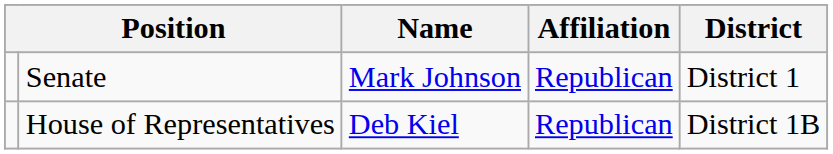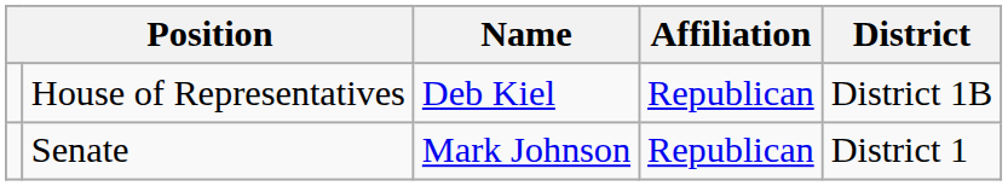 <table class="wikitable">
 <tr>
 <th colspan="2">Position</th>
 <th>Name</th>
 <th>Affiliation</th>
 <th>District</th>
 </tr>
 <tr>
 <td style="background-color:"></td>
+<td>House of Representatives</td>
+<td><a href='#'>Deb Kiel</a></td>
+<td><a href='#'>Republican</a></td>
+<td>District 1B</td>
+</tr>
+<tr>
+<td style="background-color:"></td>
 <td>Senate</td>
 <td><a href='#'>Mark Johnson</a></td>
 <td><a href='#'>Republican</a></td>
 <td>District 1</td>
 </tr>
-<tr>
-<td style="background-color:"></td>
-<td>House of Representatives</td>
-<td><a href='#'>Deb Kiel</a></td>
-<td><a href='#'>Republican</a></td>
-<td>District 1B</td>
-</tr>
 </table>
